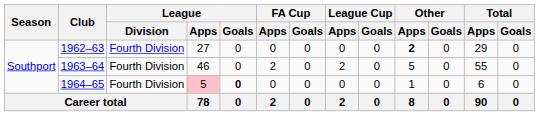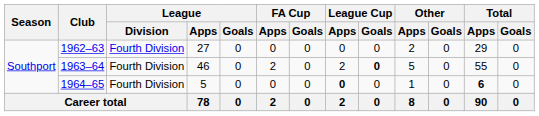 <table class="wikitable" style="text-align:center">
 <tr>
 <th rowspan="2">Season</th>
 <th rowspan="2">Club</th>
 <th colspan="3">League</th>
 <th colspan="2">FA Cup</th>
 <th colspan="2">League Cup</th>
 <th colspan="2">Other</th>
 <th colspan="2">Total</th>
 </tr>
 <tr>
 <th>Division</th>
 <th>Apps</th>
 <th>Goals</th>
 <th>Apps</th>
 <th>Goals</th>
 <th>Apps</th>
 <th>Goals</th>
 <th>Apps</th>
 <th>Goals</th>
 <th>Apps</th>
 <th>Goals</th>
 </tr>
 <tr>
 <td rowspan="3"><a href='#'>Southport</a></td>
 <td><a href='#'>1962–63</a></td>
 <td><a href='#'>Fourth Division</a></td>
 <td>27</td>
 <td>0</td>
 <td>0</td>
 <td>0</td>
 <td>0</td>
 <td>0</td>
-<td><strong>2</strong></td>
+<td>2</td>
 <td>0</td>
 <td>29</td>
 <td>0</td>
 </tr>
 <tr>
 <td><a href='#'>1963–64</a></td>
 <td>Fourth Division</td>
 <td>46</td>
 <td>0</td>
 <td>2</td>
 <td>0</td>
 <td>2</td>
-<td>0</td>
+<td><strong>0</strong></td>
 <td>5</td>
 <td>0</td>
 <td>55</td>
 <td>0</td>
 </tr>
 <tr>
 <td><a href='#'>1964–65</a></td>
 <td>Fourth Division</td>
-<td style="background: pink;">5</td>
-<td><strong>0</strong></td>
+<td>5</td>
 <td>0</td>
 <td>0</td>
 <td>0</td>
+<td><strong>0</strong></td>
 <td>0</td>
 <td>1</td>
 <td>0</td>
-<td>6</td>
+<td><strong>6</strong></td>
 <td>0</td>
 </tr>
 <tr>
 <th colspan="3">Career total</th>
 <th>78</th>
 <th>0</th>
 <th>2</th>
 <th>0</th>
 <th>2</th>
 <th>0</th>
 <th>8</th>
 <th>0</th>
 <th>90</th>
 <th>0</th>
 </tr>
 </table>
